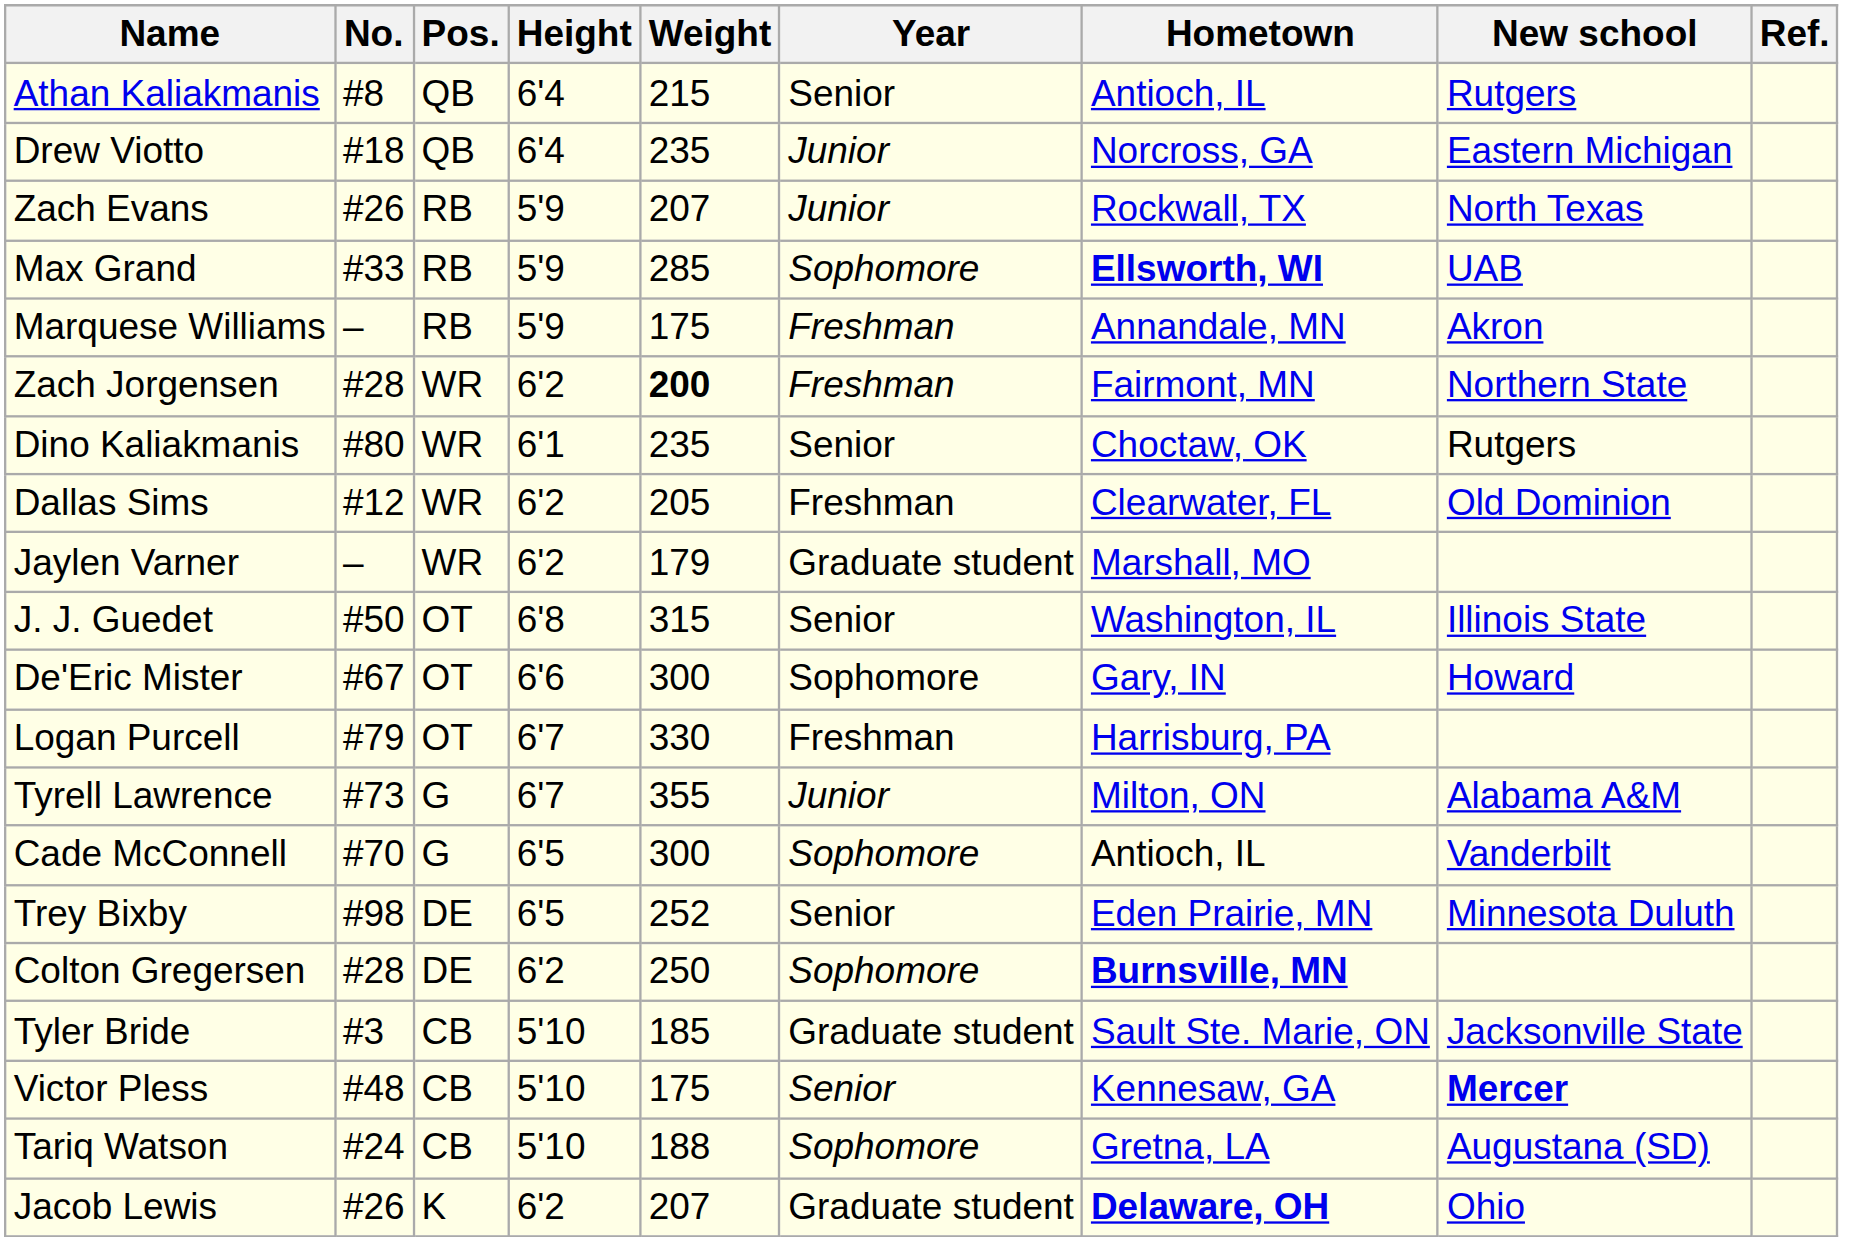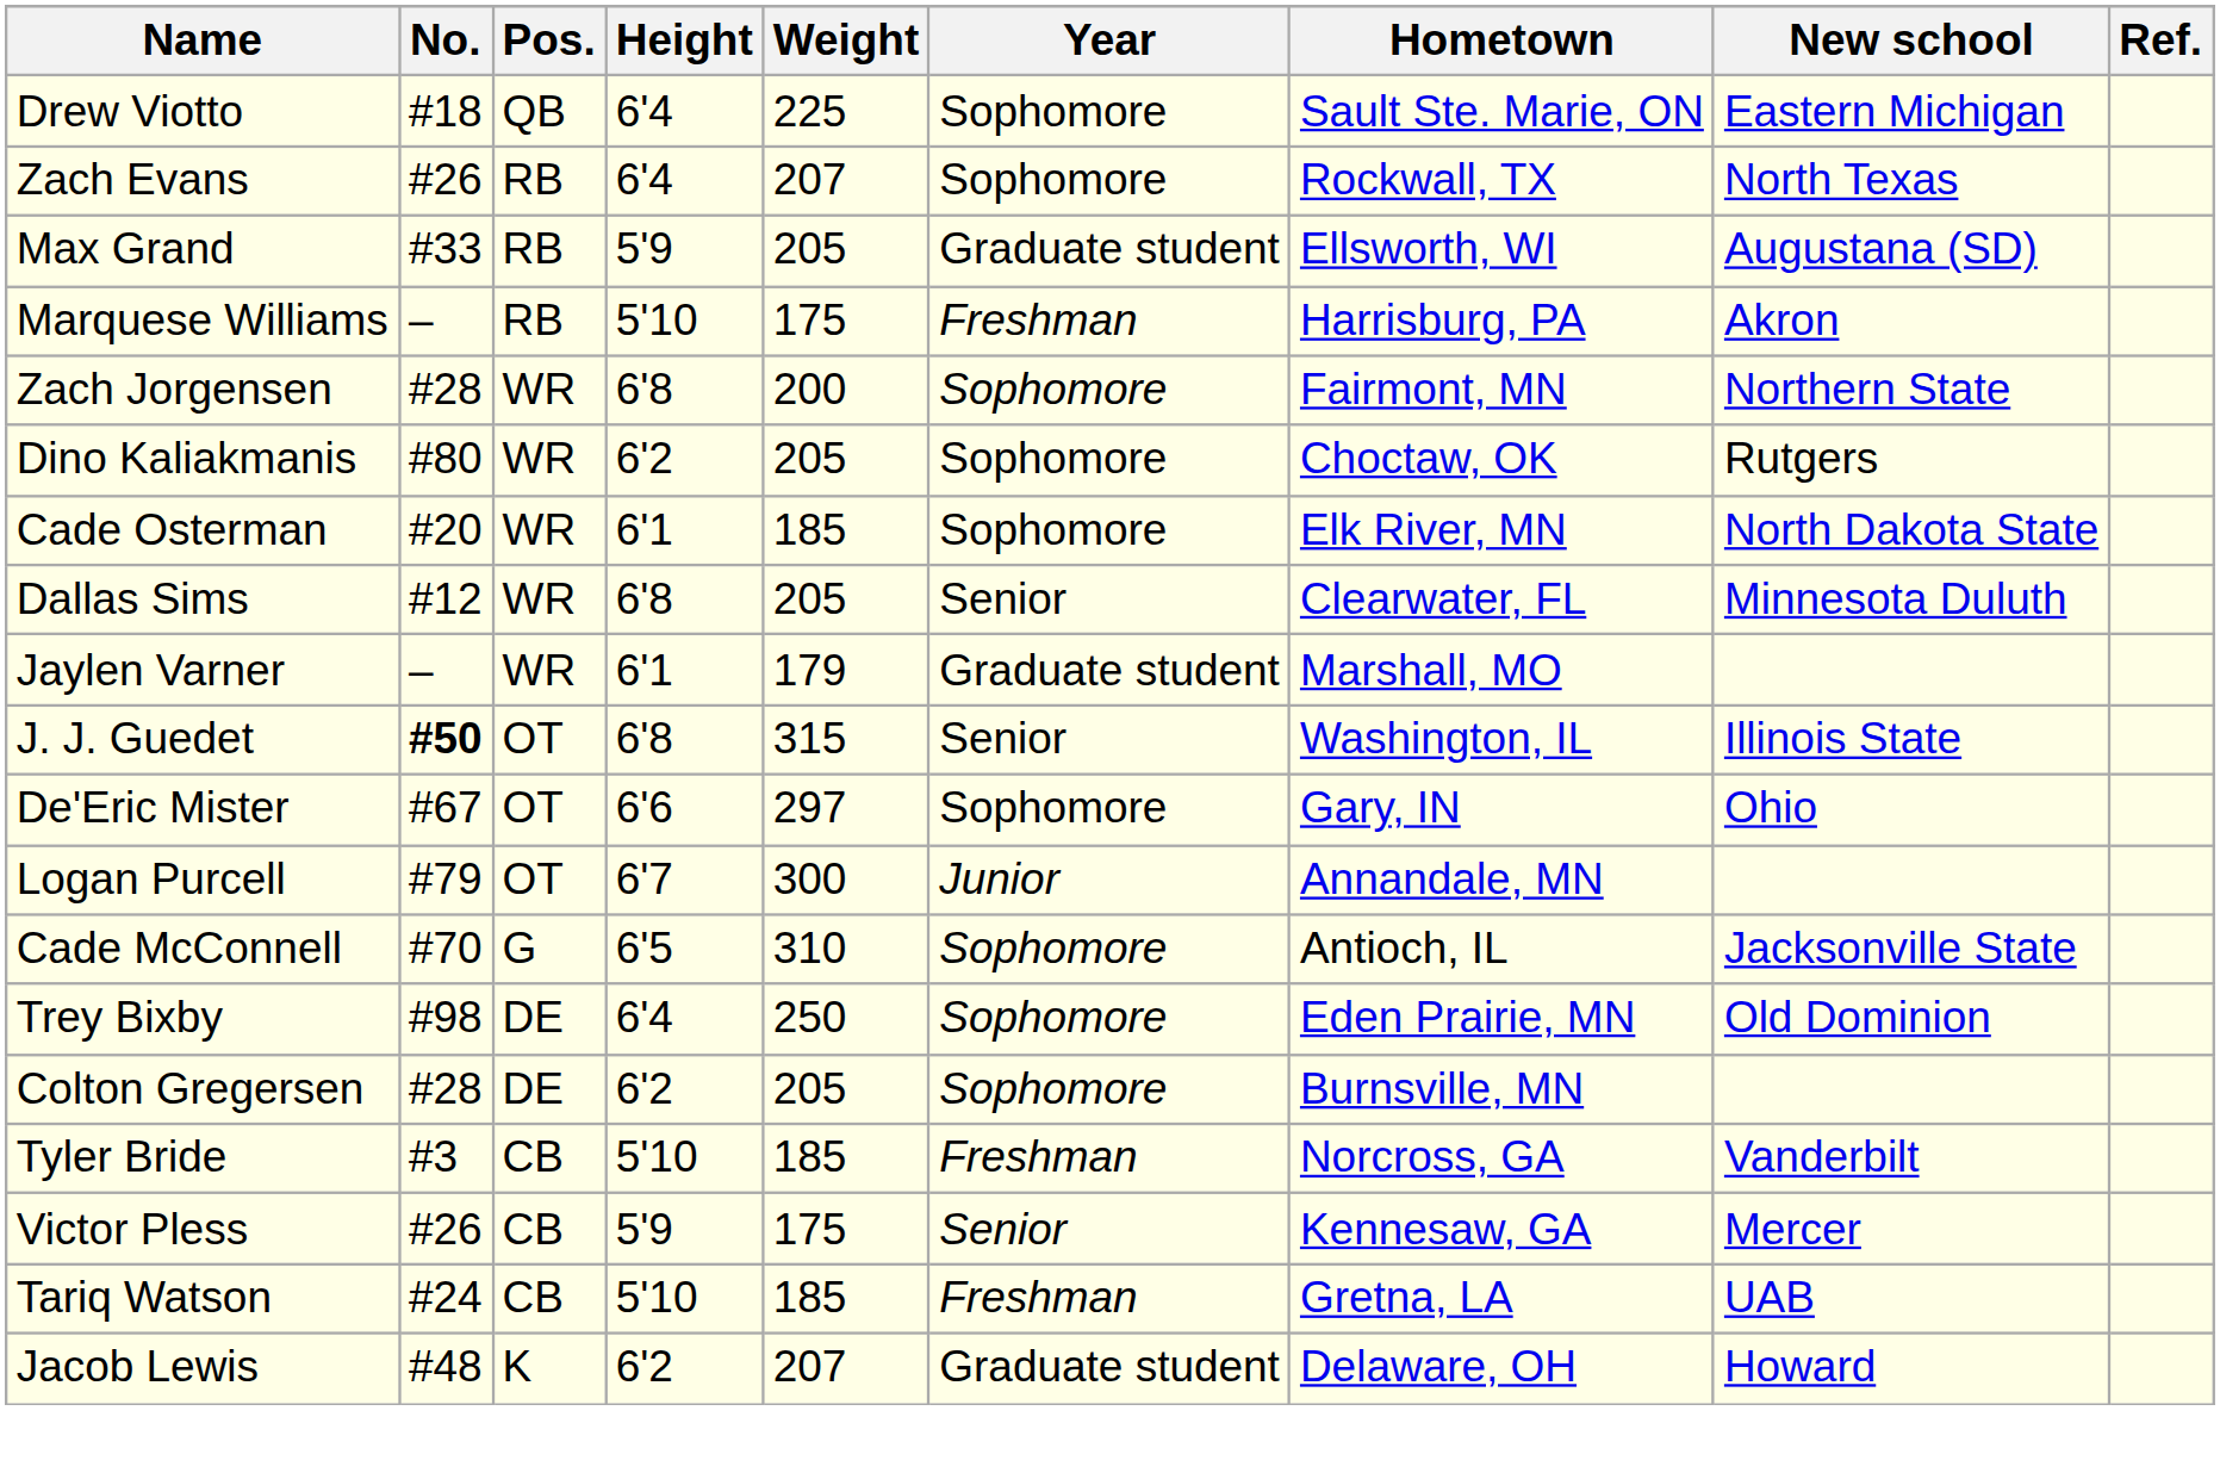 <table class="wikitable sortable sortable">
 <tr>
 </tr>
 <tr>
 <th style="text-align:center; ">Name</th>
 <th style="text-align:center; ">No.</th>
 <th style="text-align:center; ">Pos.</th>
 <th style="text-align:center; ">Height</th>
 <th style="text-align:center; ">Weight</th>
 <th style="text-align:center; ">Year</th>
 <th style="text-align:center; ">Hometown</th>
 <th style="text-align:center; ">New school</th>
 <th style="text-align:center; ">Ref.</th>
 </tr>
 <tr style="background:#FFFFE6;">
-<td><a href='#'>Athan Kaliakmanis</a></td>
-<td>#8</td>
-<td>QB</td>
-<td>6'4</td>
-<td>215</td>
-<td>Senior</td>
-<td><a href='#'>Antioch, IL</a></td>
-<td><a href='#'>Rutgers</a></td>
-<td></td>
-</tr>
-<tr style="background:#FFFFE6;">
 <td>Drew Viotto</td>
 <td>#18</td>
 <td>QB</td>
 <td>6'4</td>
-<td>235</td>
-<td><em> Junior</em></td>
-<td><a href='#'>Norcross, GA</a></td>
+<td>225</td>
+<td>Sophomore</td>
+<td><a href='#'>Sault Ste. Marie, ON</a></td>
 <td><a href='#'>Eastern Michigan</a></td>
 <td></td>
 </tr>
 <tr style="background:#FFFFE6;">
 <td>Zach Evans</td>
 <td>#26</td>
 <td>RB</td>
-<td>5'9</td>
+<td>6'4</td>
 <td>207</td>
-<td><em> Junior</em></td>
+<td>Sophomore</td>
 <td><a href='#'>Rockwall, TX</a></td>
 <td><a href='#'>North Texas</a></td>
 <td></td>
 </tr>
 <tr style="background:#FFFFE6;">
 <td>Max Grand</td>
 <td>#33</td>
 <td>RB</td>
 <td>5'9</td>
-<td>285</td>
-<td><em> Sophomore</em></td>
-<td><strong><a href='#'>Ellsworth, WI</a></strong></td>
-<td><a href='#'>UAB</a></td>
+<td>205</td>
+<td>Graduate student</td>
+<td><a href='#'>Ellsworth, WI</a></td>
+<td><a href='#'>Augustana (SD)</a></td>
 <td></td>
 </tr>
 <tr style="background:#FFFFE6;">
 <td>Marquese Williams</td>
 <td>–</td>
 <td>RB</td>
-<td>5'9</td>
+<td>5'10</td>
 <td>175</td>
 <td><em> Freshman</em></td>
-<td><a href='#'>Annandale, MN</a></td>
+<td><a href='#'>Harrisburg, PA</a></td>
 <td><a href='#'>Akron</a></td>
 <td></td>
 </tr>
 <tr style="background:#FFFFE6;">
 <td>Zach Jorgensen</td>
 <td>#28</td>
 <td>WR</td>
-<td>6'2</td>
-<td><strong>200</strong></td>
-<td><em> Freshman</em></td>
+<td>6'8</td>
+<td>200</td>
+<td><em> Sophomore</em></td>
 <td><a href='#'>Fairmont, MN</a></td>
 <td><a href='#'>Northern State</a></td>
 <td></td>
 </tr>
 <tr style="background:#FFFFE6;">
 <td>Dino Kaliakmanis</td>
 <td>#80</td>
 <td>WR</td>
-<td>6'1</td>
-<td>235</td>
-<td>Senior</td>
+<td>6'2</td>
+<td>205</td>
+<td>Sophomore</td>
 <td><a href='#'>Choctaw, OK</a></td>
 <td>Rutgers</td>
+<td></td>
+</tr>
+<tr style="background:#FFFFE6;">
+<td>Cade Osterman</td>
+<td>#20</td>
+<td>WR</td>
+<td>6'1</td>
+<td>185</td>
+<td>Sophomore</td>
+<td><a href='#'>Elk River, MN</a></td>
+<td><a href='#'>North Dakota State</a></td>
 <td></td>
 </tr>
 <tr style="background:#FFFFE6;">
 <td>Dallas Sims</td>
 <td>#12</td>
 <td>WR</td>
-<td>6'2</td>
+<td>6'8</td>
 <td>205</td>
-<td>Freshman</td>
+<td>Senior</td>
 <td><a href='#'>Clearwater, FL</a></td>
-<td><a href='#'>Old Dominion</a></td>
+<td><a href='#'>Minnesota Duluth</a></td>
 <td></td>
 </tr>
 <tr style="background:#FFFFE6;">
 <td>Jaylen Varner</td>
 <td>–</td>
 <td>WR</td>
-<td>6'2</td>
+<td>6'1</td>
 <td>179</td>
 <td>Graduate student</td>
 <td><a href='#'>Marshall, MO</a></td>
 <td></td>
 <td></td>
 </tr>
 <tr style="background:#FFFFE6;">
 <td>J. J. Guedet</td>
-<td>#50</td>
+<td><strong>#50</strong></td>
 <td>OT</td>
 <td>6'8</td>
 <td>315</td>
 <td>Senior</td>
 <td><a href='#'>Washington, IL</a></td>
 <td><a href='#'>Illinois State</a></td>
 <td></td>
 </tr>
 <tr style="background:#FFFFE6;">
 <td>De'Eric Mister</td>
 <td>#67</td>
 <td>OT</td>
 <td>6'6</td>
-<td>300</td>
+<td>297</td>
 <td>Sophomore</td>
 <td><a href='#'>Gary, IN</a></td>
-<td><a href='#'>Howard</a></td>
+<td><a href='#'>Ohio</a></td>
 <td></td>
 </tr>
 <tr style="background:#FFFFE6;">
 <td>Logan Purcell</td>
 <td>#79</td>
 <td>OT</td>
 <td>6'7</td>
-<td>330</td>
-<td>Freshman</td>
-<td><a href='#'>Harrisburg, PA</a></td>
+<td>300</td>
+<td><em> Junior</em></td>
+<td><a href='#'>Annandale, MN</a></td>
 <td></td>
-<td></td>
-</tr>
-<tr style="background:#FFFFE6;">
-<td>Tyrell Lawrence</td>
-<td>#73</td>
-<td>G</td>
-<td>6'7</td>
-<td>355</td>
-<td><em> Junior</em></td>
-<td><a href='#'>Milton, ON</a></td>
-<td><a href='#'>Alabama A&M</a></td>
 <td></td>
 </tr>
 <tr style="background:#FFFFE6;">
 <td>Cade McConnell</td>
 <td>#70</td>
 <td>G</td>
 <td>6'5</td>
-<td>300</td>
+<td>310</td>
 <td><em> Sophomore</em></td>
 <td>Antioch, IL</td>
-<td><a href='#'>Vanderbilt</a></td>
+<td><a href='#'>Jacksonville State</a></td>
 <td></td>
 </tr>
 <tr style="background:#FFFFE6;">
 <td>Trey Bixby</td>
 <td>#98</td>
 <td>DE</td>
-<td>6'5</td>
-<td>252</td>
-<td>Senior</td>
+<td>6'4</td>
+<td>250</td>
+<td><em> Sophomore</em></td>
 <td><a href='#'>Eden Prairie, MN</a></td>
-<td><a href='#'>Minnesota Duluth</a></td>
+<td><a href='#'>Old Dominion</a></td>
 <td></td>
 </tr>
 <tr style="background:#FFFFE6;">
 <td>Colton Gregersen</td>
 <td>#28</td>
 <td>DE</td>
 <td>6'2</td>
-<td>250</td>
+<td>205</td>
 <td><em> Sophomore</em></td>
-<td><strong><a href='#'>Burnsville, MN</a></strong></td>
+<td><a href='#'>Burnsville, MN</a></td>
 <td></td>
 <td></td>
 </tr>
 <tr style="background:#FFFFE6;">
 <td>Tyler Bride</td>
 <td>#3</td>
 <td>CB</td>
 <td>5'10</td>
 <td>185</td>
-<td>Graduate student</td>
-<td><a href='#'>Sault Ste. Marie, ON</a></td>
-<td><a href='#'>Jacksonville State</a></td>
+<td><em> Freshman</em></td>
+<td><a href='#'>Norcross, GA</a></td>
+<td><a href='#'>Vanderbilt</a></td>
 <td></td>
 </tr>
 <tr style="background:#FFFFE6;">
 <td>Victor Pless</td>
-<td>#48</td>
+<td>#26</td>
 <td>CB</td>
-<td>5'10</td>
+<td>5'9</td>
 <td>175</td>
 <td><em> Senior</em></td>
 <td><a href='#'>Kennesaw, GA</a></td>
-<td><strong><a href='#'>Mercer</a></strong></td>
+<td><a href='#'>Mercer</a></td>
 <td></td>
 </tr>
 <tr style="background:#FFFFE6;">
 <td>Tariq Watson</td>
 <td>#24</td>
 <td>CB</td>
 <td>5'10</td>
-<td>188</td>
-<td><em> Sophomore</em></td>
+<td>185</td>
+<td><em> Freshman</em></td>
 <td><a href='#'>Gretna, LA</a></td>
-<td><a href='#'>Augustana (SD)</a></td>
+<td><a href='#'>UAB</a></td>
 <td></td>
 </tr>
 <tr style="background:#FFFFE6;">
 <td>Jacob Lewis</td>
-<td>#26</td>
+<td>#48</td>
 <td>K</td>
 <td>6'2</td>
 <td>207</td>
 <td>Graduate student</td>
-<td><strong><a href='#'>Delaware, OH</a></strong></td>
-<td><a href='#'>Ohio</a></td>
+<td><a href='#'>Delaware, OH</a></td>
+<td><a href='#'>Howard</a></td>
 <td></td>
 </tr>
 </table>
